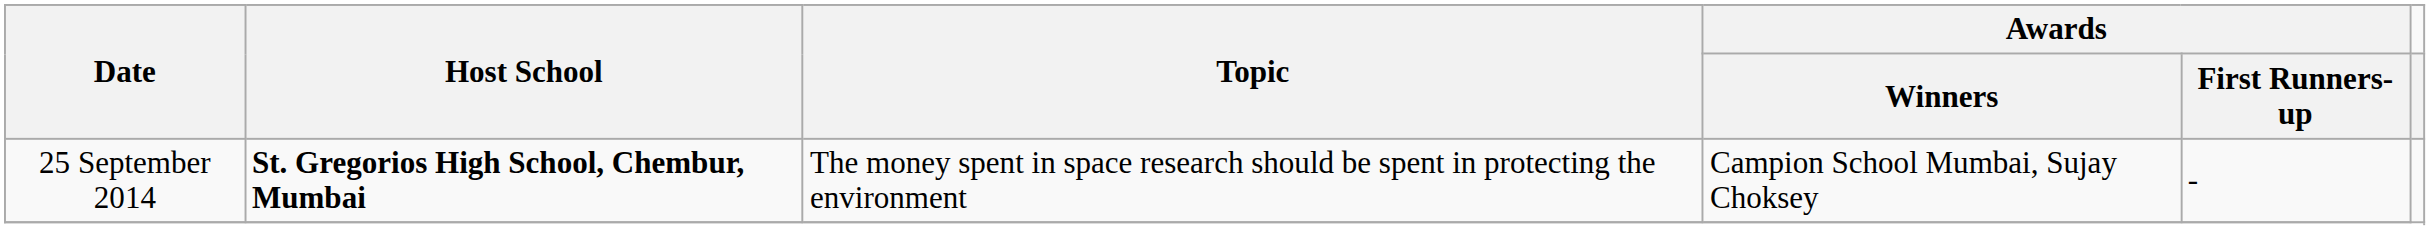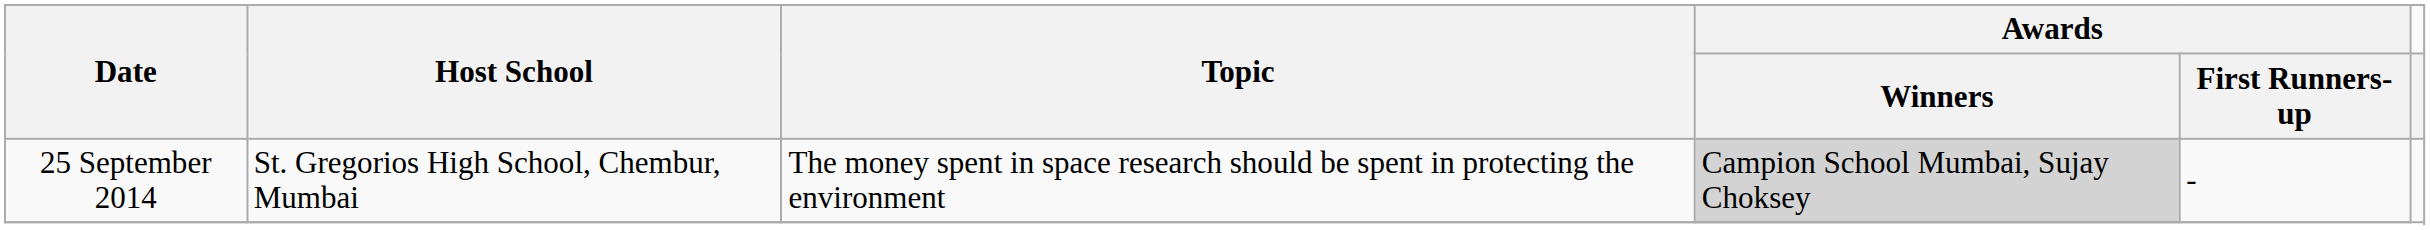 <table class="wikitable">
 <tr>
 <th rowspan="2">Date</th>
 <th rowspan="2">Host School</th>
 <th rowspan="2">Topic</th>
 <th colspan="2">Awards</th>
 </tr>
 <tr>
 <th>Winners</th>
 <th>First Runners-up</th>
 <th></th>
 </tr>
 <tr>
 <td align="center">25 September 2014</td>
-<td><strong>St. Gregorios High School, Chembur, Mumbai</strong></td>
+<td>St. Gregorios High School, Chembur, Mumbai</td>
 <td>The money spent in space research should be spent in protecting the environment<em>     </em></td>
-<td>Campion School Mumbai, Sujay Choksey</td>
+<td style="background: lightgrey;">Campion School Mumbai, Sujay Choksey</td>
 <td lil>-</td>
 </tr>
 <tr Sujay Choksey>
 </tr>
 </table>
